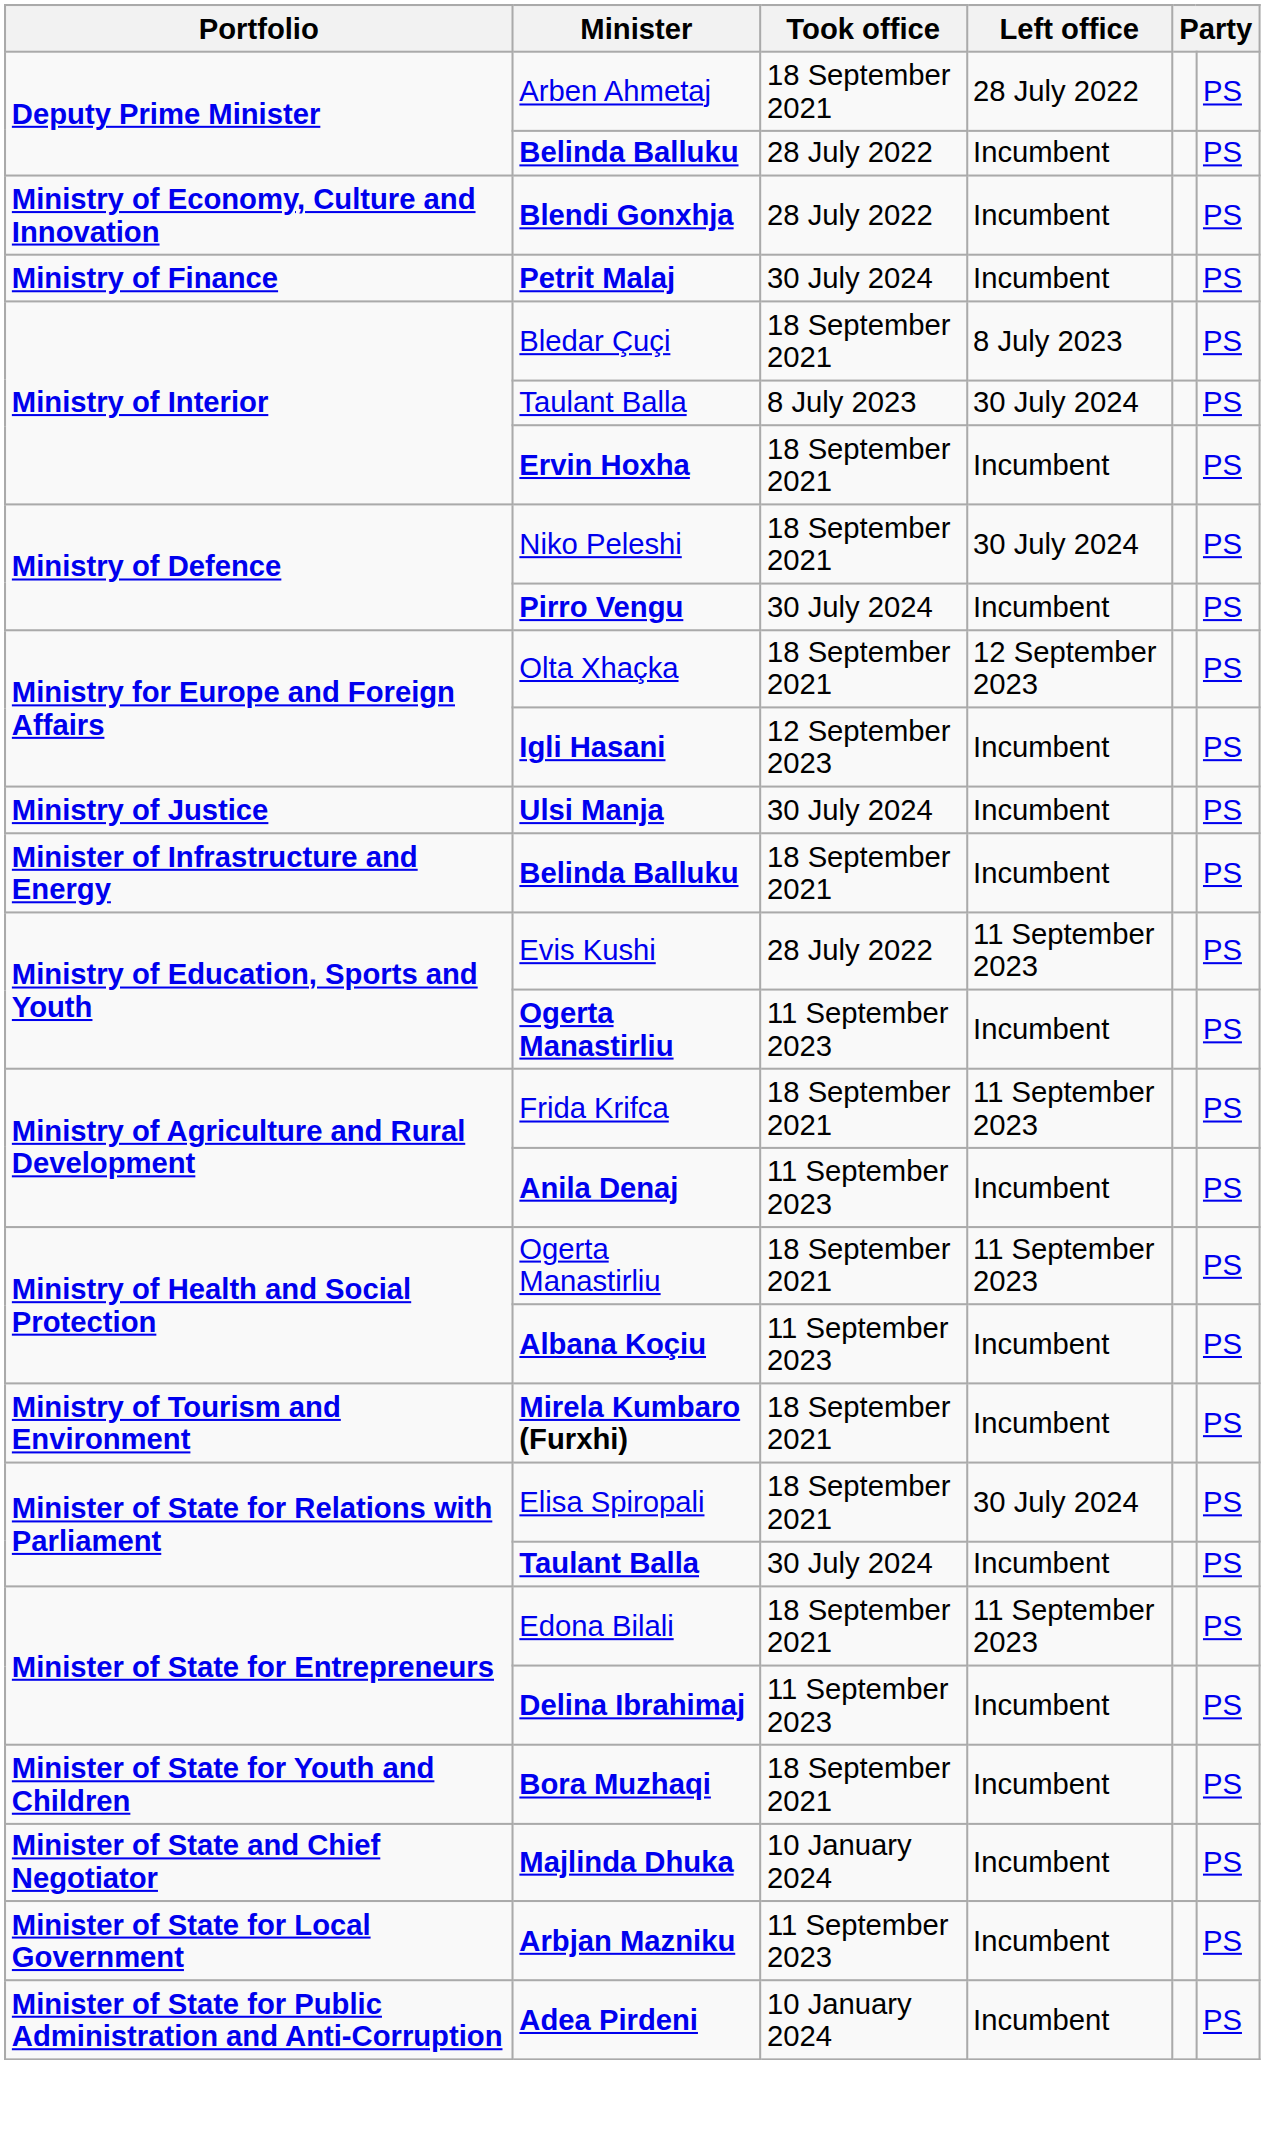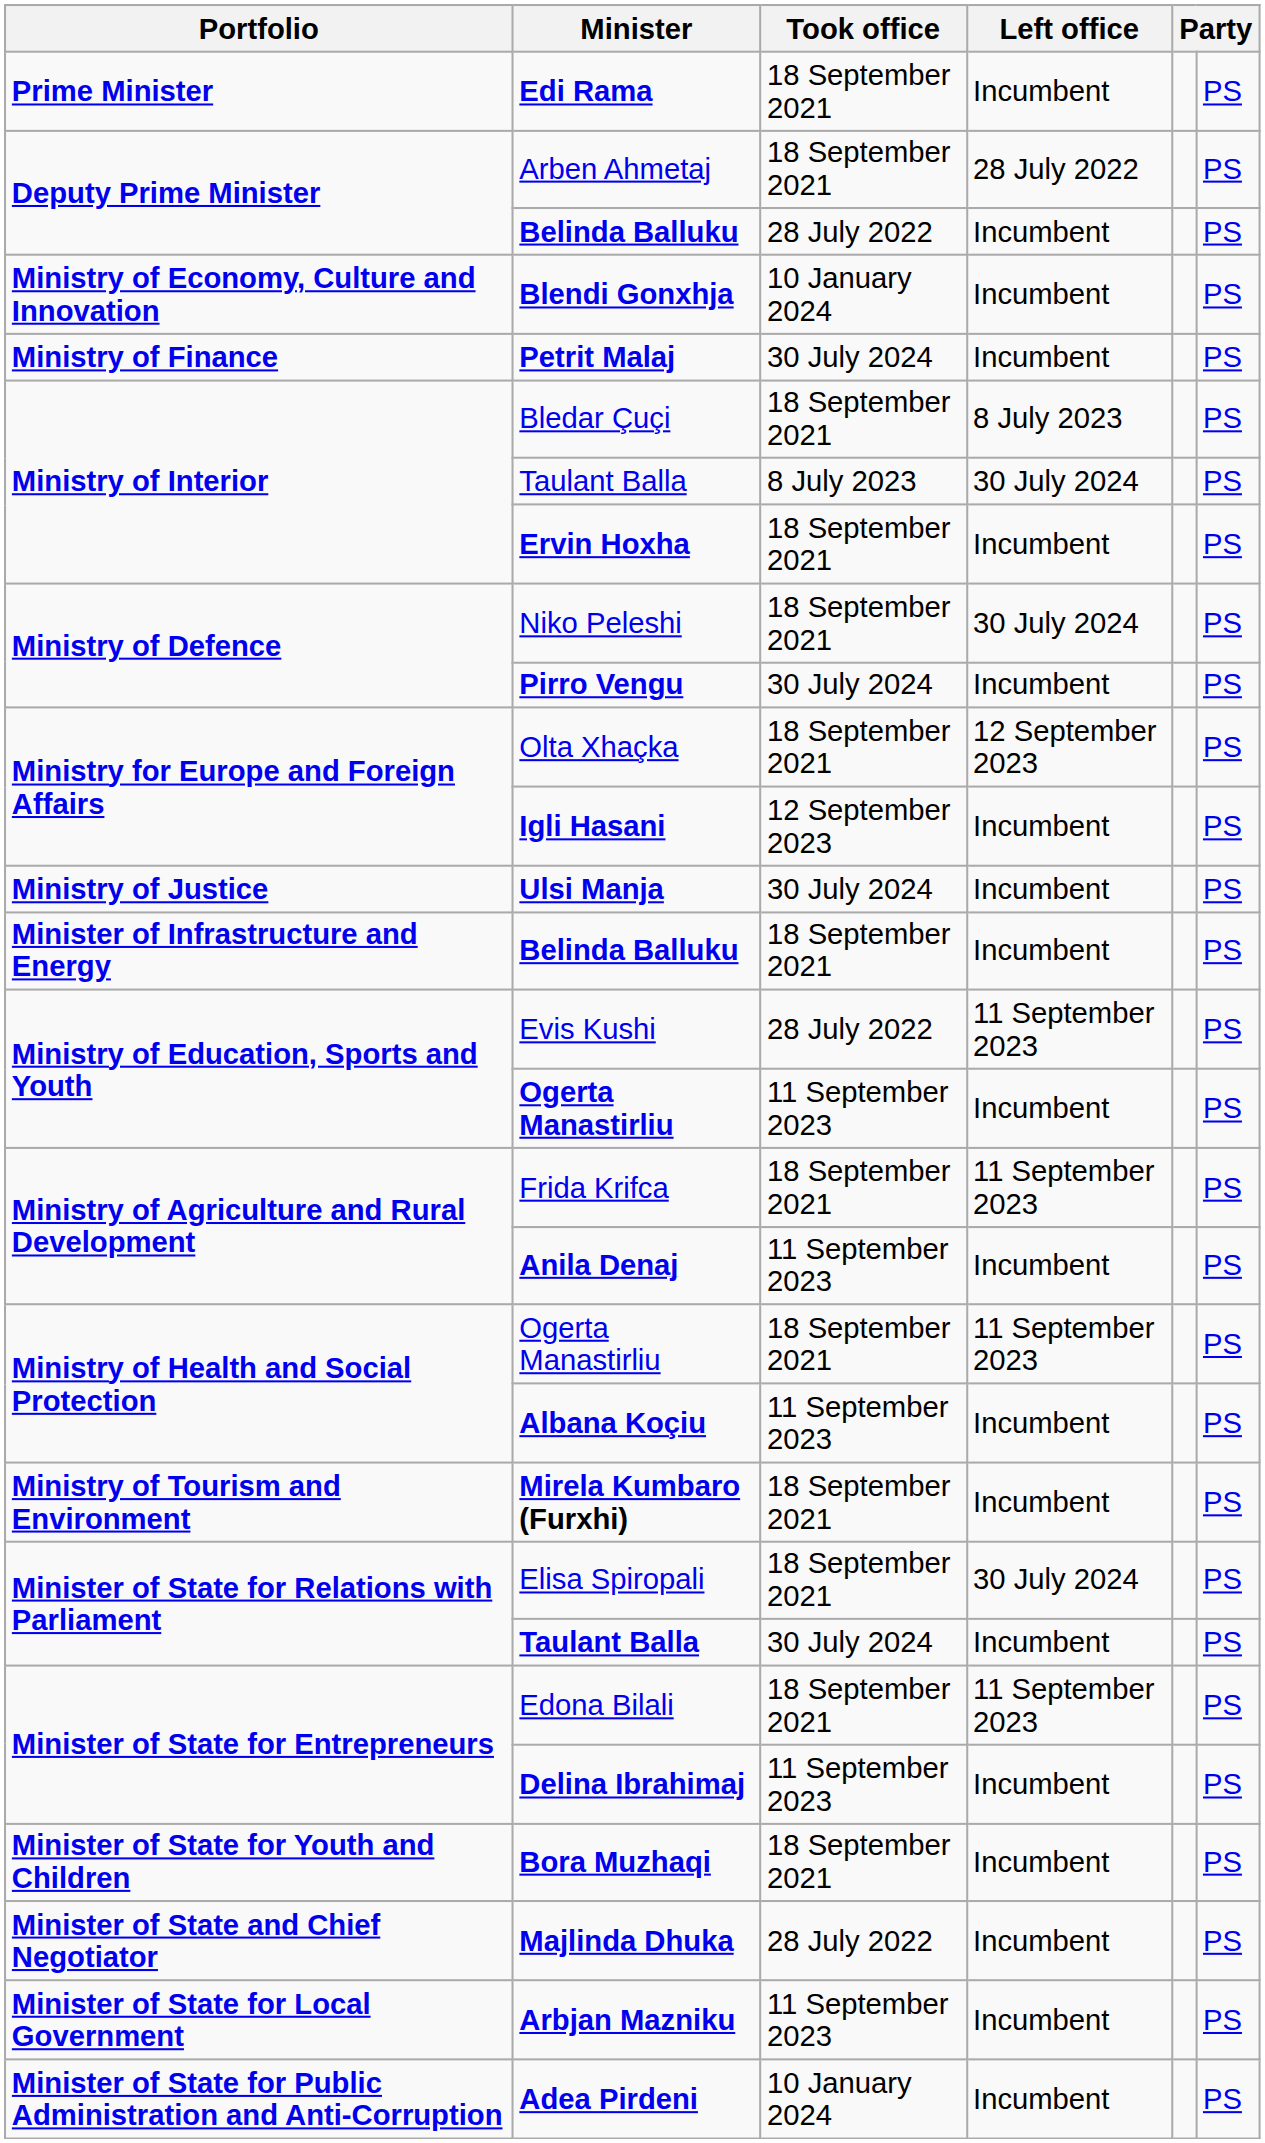 <table class="wikitable sortable" style="width: 70%; font-size: 90%;">
 <tr>
 <th>Portfolio</th>
 <th>Minister</th>
 <th>Took office</th>
 <th>Left office</th>
 <th colspan="2">Party</th>
+</tr>
+<tr>
+<td><strong><a href='#'>Prime Minister</a></strong></td>
+<td><strong><a href='#'>Edi Rama</a></strong></td>
+<td>18 September 2021</td>
+<td>Incumbent</td>
+<td width="5" style="background-color: "></td>
+<td><a href='#'>PS</a></td>
 </tr>
 <tr>
 <td rowspan=2><strong><a href='#'>Deputy Prime Minister</a></strong></td>
 <td><a href='#'>Arben Ahmetaj</a></td>
 <td>18 September 2021</td>
 <td>28 July 2022</td>
 <td width="5" style="background-color: "></td>
 <td><a href='#'>PS</a></td>
 </tr>
 <tr>
 <td><strong><a href='#'>Belinda Balluku</a></strong></td>
 <td>28 July 2022</td>
 <td>Incumbent</td>
 <td width="5" style="background-color: "></td>
 <td><a href='#'>PS</a></td>
 </tr>
 <tr>
 <td><strong><a href='#'>Ministry of Economy, Culture and Innovation</a></strong></td>
 <td><strong><a href='#'>Blendi Gonxhja</a></strong></td>
-<td>28 July 2022</td>
+<td>10 January 2024</td>
 <td>Incumbent</td>
 <td width="5" style="background-color: "></td>
 <td><a href='#'>PS</a></td>
 </tr>
 <tr>
 <td><strong><a href='#'>Ministry of Finance</a></strong></td>
 <td><strong><a href='#'>Petrit Malaj</a></strong></td>
 <td>30 July 2024</td>
 <td>Incumbent</td>
 <td width="5" style="background-color: "></td>
 <td><a href='#'>PS</a></td>
 </tr>
 <tr>
 <td rowspan=3><strong><a href='#'>Ministry of Interior</a></strong></td>
 <td><a href='#'>Bledar Çuçi</a></td>
 <td>18 September 2021</td>
 <td>8 July 2023</td>
 <td width="5" style="background-color: "></td>
 <td><a href='#'>PS</a></td>
 </tr>
 <tr>
 <td><a href='#'>Taulant Balla</a></td>
 <td>8 July 2023</td>
 <td>30 July 2024</td>
 <td width="5" style="background-color: "></td>
 <td><a href='#'>PS</a></td>
 </tr>
 <tr>
 <td><strong><a href='#'>Ervin Hoxha</a></strong></td>
 <td>18 September 2021</td>
 <td>Incumbent</td>
 <td width="5" style="background-color: "></td>
 <td><a href='#'>PS</a></td>
 </tr>
 <tr>
 <td rowspan=2><strong><a href='#'>Ministry of Defence</a></strong></td>
 <td><a href='#'>Niko Peleshi</a></td>
 <td>18 September 2021</td>
 <td>30 July 2024</td>
 <td width="5" style="background-color: "></td>
 <td><a href='#'>PS</a></td>
 </tr>
 <tr>
 <td><strong><a href='#'>Pirro Vengu</a></strong></td>
 <td>30 July 2024</td>
 <td>Incumbent</td>
 <td width="5" style="background-color: "></td>
 <td><a href='#'>PS</a></td>
 </tr>
 <tr>
 <td rowspan=2><strong><a href='#'>Ministry for Europe and Foreign Affairs</a></strong></td>
 <td><a href='#'>Olta Xhaçka</a></td>
 <td>18 September 2021</td>
 <td>12 September 2023</td>
 <td width="5" style="background-color: "></td>
 <td><a href='#'>PS</a></td>
 </tr>
 <tr>
 <td><strong><a href='#'>Igli Hasani</a></strong></td>
 <td>12 September 2023</td>
 <td>Incumbent</td>
 <td width="5" style="background-color: "></td>
 <td><a href='#'>PS</a></td>
 </tr>
 <tr>
 <td><strong><a href='#'>Ministry of Justice</a></strong></td>
 <td><strong><a href='#'>Ulsi Manja</a></strong></td>
 <td>30 July 2024</td>
 <td>Incumbent</td>
 <td width="5" style="background-color: "></td>
 <td><a href='#'>PS</a></td>
 </tr>
 <tr>
 <td><strong><a href='#'>Minister of Infrastructure and Energy</a></strong></td>
 <td><strong><a href='#'>Belinda Balluku</a></strong></td>
 <td>18 September 2021</td>
 <td>Incumbent</td>
 <td width="5" style="background-color: "></td>
 <td><a href='#'>PS</a></td>
 </tr>
 <tr>
 <td rowspan=2><strong><a href='#'>Ministry of Education, Sports and Youth</a></strong></td>
 <td><a href='#'>Evis Kushi</a></td>
 <td>28 July 2022</td>
 <td>11 September 2023</td>
 <td width="5" style="background-color: "></td>
 <td><a href='#'>PS</a></td>
 </tr>
 <tr>
 <td><strong><a href='#'>Ogerta Manastirliu</a></strong></td>
 <td>11 September 2023</td>
 <td>Incumbent</td>
 <td width="5" style="background-color: "></td>
 <td><a href='#'>PS</a></td>
 </tr>
 <tr>
 <td rowspan=2><strong><a href='#'>Ministry of Agriculture and Rural Development</a></strong></td>
 <td><a href='#'>Frida Krifca</a></td>
 <td>18 September 2021</td>
 <td>11 September 2023</td>
 <td width="5" style="background-color: "></td>
 <td><a href='#'>PS</a></td>
 </tr>
 <tr>
 <td><strong><a href='#'>Anila Denaj</a></strong></td>
 <td>11 September 2023</td>
 <td>Incumbent</td>
 <td width="5" style="background-color: "></td>
 <td><a href='#'>PS</a></td>
 </tr>
 <tr>
 <td rowspan=2><strong><a href='#'>Ministry of Health and Social Protection</a></strong></td>
 <td><a href='#'>Ogerta Manastirliu</a></td>
 <td>18 September 2021</td>
 <td>11 September 2023</td>
 <td width="5" style="background-color: "></td>
 <td><a href='#'>PS</a></td>
 </tr>
 <tr>
 <td><strong><a href='#'>Albana Koçiu</a></strong></td>
 <td>11 September 2023</td>
 <td>Incumbent</td>
 <td width="5" style="background-color: "></td>
 <td><a href='#'>PS</a></td>
 </tr>
 <tr>
 <td><strong><a href='#'>Ministry of Tourism and Environment</a></strong></td>
 <td><strong><a href='#'>Mirela Kumbaro</a> (Furxhi)</strong></td>
 <td>18 September 2021</td>
 <td>Incumbent</td>
 <td width="5" style="background-color: "></td>
 <td><a href='#'>PS</a></td>
 </tr>
 <tr>
 <td rowspan=2><strong><a href='#'>Minister of State for Relations with Parliament</a></strong></td>
 <td><a href='#'>Elisa Spiropali</a></td>
 <td>18 September 2021</td>
 <td>30 July 2024</td>
 <td width="5" style="background-color: "></td>
 <td><a href='#'>PS</a></td>
 </tr>
 <tr>
 <td><strong><a href='#'>Taulant Balla</a></strong></td>
 <td>30 July 2024</td>
 <td>Incumbent</td>
 <td width="5" style="background-color: "></td>
 <td><a href='#'>PS</a></td>
 </tr>
 <tr>
 <td rowspan=2><strong><a href='#'>Minister of State for Entrepreneurs</a></strong></td>
 <td><a href='#'>Edona Bilali</a></td>
 <td>18 September 2021</td>
 <td>11 September 2023</td>
 <td width="5" style="background-color: "></td>
 <td><a href='#'>PS</a></td>
 </tr>
 <tr>
 <td><strong><a href='#'>Delina Ibrahimaj</a></strong></td>
 <td>11 September 2023</td>
 <td>Incumbent</td>
 <td width="5" style="background-color: "></td>
 <td><a href='#'>PS</a></td>
 </tr>
 <tr>
 <td><strong><a href='#'>Minister of State for Youth and Children</a></strong></td>
 <td><strong><a href='#'>Bora Muzhaqi</a></strong></td>
 <td>18 September 2021</td>
 <td>Incumbent</td>
 <td width="5" style="background-color: "></td>
 <td><a href='#'>PS</a></td>
 </tr>
 <tr>
 <td><strong><a href='#'>Minister of State and Chief Negotiator</a></strong></td>
 <td><strong><a href='#'>Majlinda Dhuka</a></strong></td>
-<td>10 January 2024</td>
+<td>28 July 2022</td>
 <td>Incumbent</td>
 <td width="5" style="background-color: "></td>
 <td><a href='#'>PS</a></td>
 </tr>
 <tr>
 <td><strong><a href='#'>Minister of State for Local Government</a></strong></td>
 <td><strong><a href='#'>Arbjan Mazniku</a></strong></td>
 <td>11 September 2023</td>
 <td>Incumbent</td>
 <td width="5" style="background-color: "></td>
 <td><a href='#'>PS</a></td>
 </tr>
 <tr>
 <td><strong><a href='#'>Minister of State for Public Administration and Anti-Corruption</a></strong></td>
 <td><strong><a href='#'>Adea Pirdeni</a></strong></td>
 <td>10 January 2024</td>
 <td>Incumbent</td>
 <td width="5" style="background-color: "></td>
 <td><a href='#'>PS</a></td>
 </tr>
 </table>
